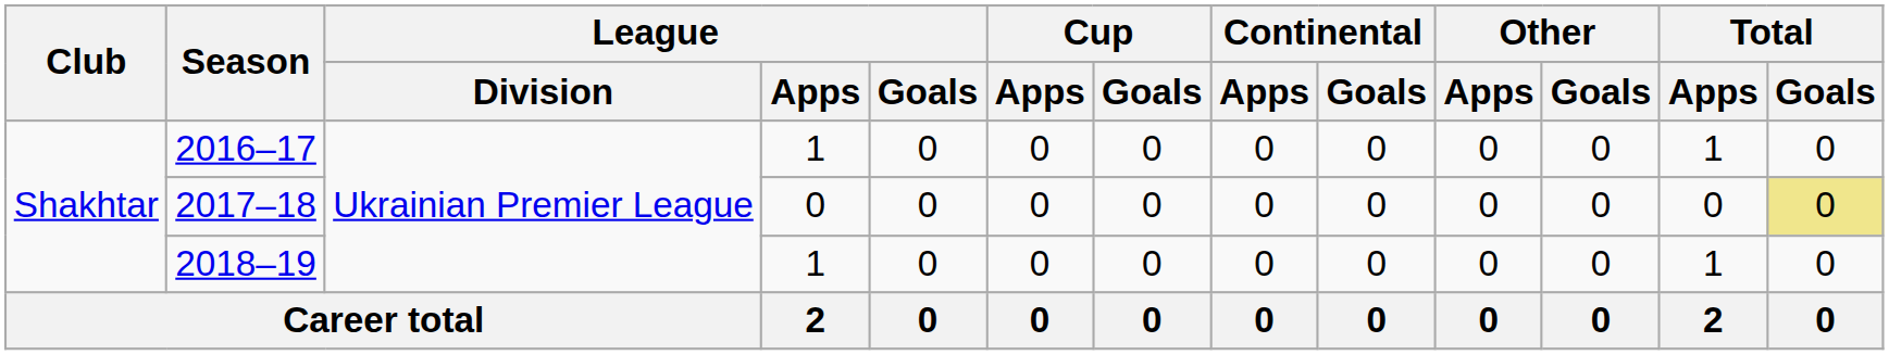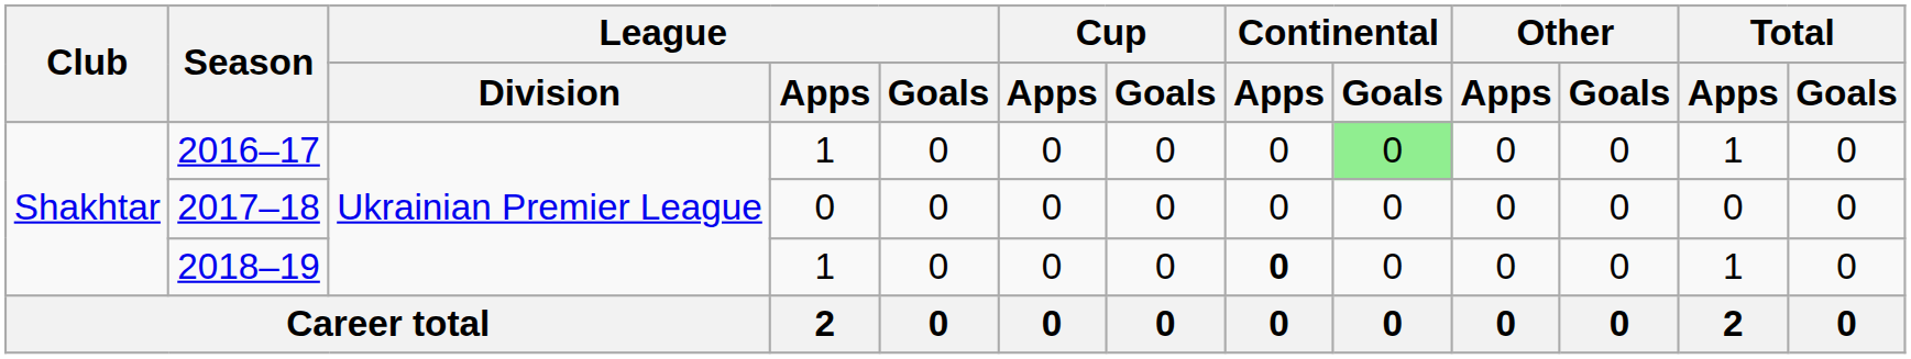 <table class="wikitable" style="text-align:center">
 <tr>
 <th rowspan="2">Club</th>
 <th rowspan="2">Season</th>
 <th colspan="3">League</th>
 <th colspan="2">Cup</th>
 <th colspan="2">Continental</th>
 <th colspan="2">Other</th>
 <th colspan="2">Total</th>
 </tr>
 <tr>
 <th>Division</th>
 <th>Apps</th>
 <th>Goals</th>
 <th>Apps</th>
 <th>Goals</th>
 <th>Apps</th>
 <th>Goals</th>
 <th>Apps</th>
 <th>Goals</th>
 <th>Apps</th>
 <th>Goals</th>
 </tr>
 <tr>
 <td rowspan="3"><a href='#'>Shakhtar</a></td>
 <td><a href='#'>2016–17</a></td>
 <td rowspan="3"><a href='#'>Ukrainian Premier League</a></td>
 <td>1</td>
 <td>0</td>
 <td>0</td>
 <td>0</td>
 <td>0</td>
-<td>0</td>
+<td style="background: lightgreen;">0</td>
 <td>0</td>
 <td>0</td>
 <td>1</td>
 <td>0</td>
 </tr>
 <tr>
 <td><a href='#'>2017–18</a></td>
 <td>0</td>
 <td>0</td>
 <td>0</td>
 <td>0</td>
 <td>0</td>
 <td>0</td>
 <td>0</td>
 <td>0</td>
 <td>0</td>
-<td style="background: khaki;">0</td>
+<td>0</td>
 </tr>
 <tr>
 <td><a href='#'>2018–19</a></td>
 <td>1</td>
 <td>0</td>
 <td>0</td>
 <td>0</td>
-<td>0</td>
+<td><strong>0</strong></td>
 <td>0</td>
 <td>0</td>
 <td>0</td>
 <td>1</td>
 <td>0</td>
 </tr>
 <tr>
 <th colspan="3">Career total</th>
 <th>2</th>
 <th>0</th>
 <th>0</th>
 <th>0</th>
 <th>0</th>
 <th>0</th>
 <th>0</th>
 <th>0</th>
 <th>2</th>
 <th>0</th>
 </tr>
 </table>
